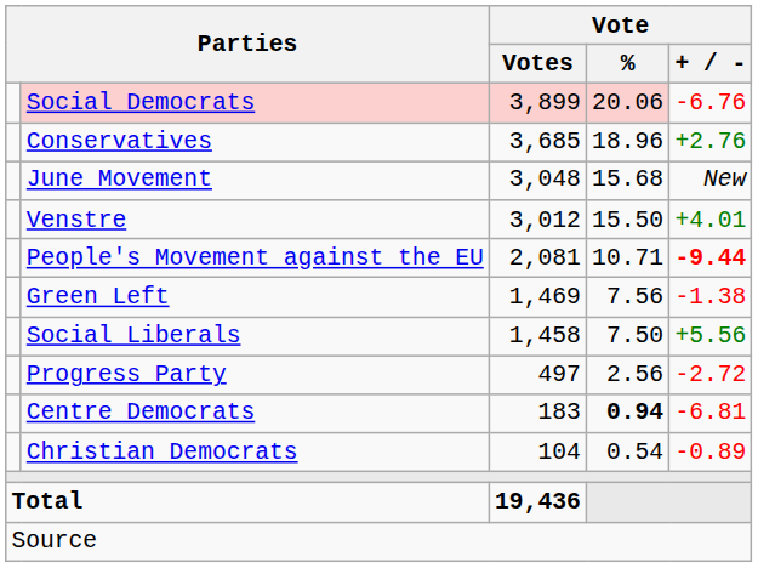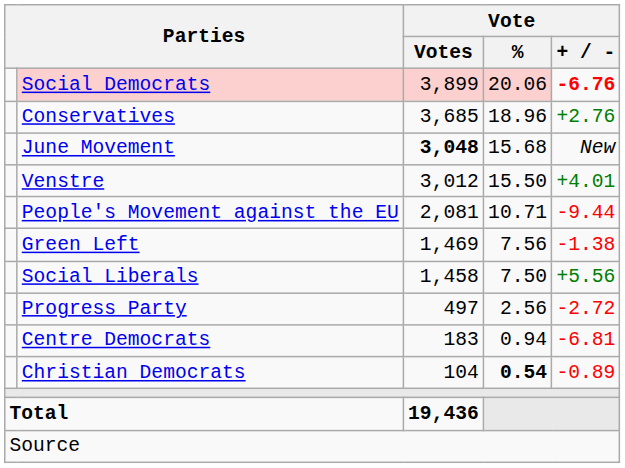 <table class="wikitable" style="text-align:right;">
 <tr>
 <th style="text-align:centre;" rowspan="2" colspan="2" width="225">Parties</th>
 <th colspan="3">Vote</th>
 </tr>
 <tr>
 <th width="15">Votes</th>
 <th width="15">%</th>
 <th width="15">+ / -</th>
 </tr>
 <tr>
 <td width="2" style="color:inherit;background:"></td>
 <td bgcolor=#fbd0ce   align="left"><a href='#'>Social Democrats</a></td>
 <td bgcolor=#fbd0ce>3,899</td>
 <td bgcolor=#fbd0ce>20.06</td>
-<td style=color:red;>-6.76</td>
+<td style=color:red;><strong>-6.76</strong></td>
 </tr>
 <tr>
 <td width="2" style="color:inherit;background:"></td>
 <td align="left"><a href='#'>Conservatives</a></td>
 <td>3,685</td>
 <td>18.96</td>
 <td style=color:green;>+2.76</td>
 </tr>
 <tr>
 <td width="2" style="color:inherit;background:"></td>
 <td align="left"><a href='#'>June Movement</a></td>
-<td>3,048</td>
+<td><strong>3,048</strong></td>
 <td>15.68</td>
 <td><em>New</em></td>
 </tr>
 <tr>
 <td width="2" style="color:inherit;background:"></td>
 <td align="left"><a href='#'>Venstre</a></td>
 <td>3,012</td>
 <td>15.50</td>
 <td style=color:green;>+4.01</td>
 </tr>
 <tr>
 <td width="2" style="color:inherit;background:"></td>
 <td align="left"><a href='#'>People's Movement against the EU</a></td>
 <td>2,081</td>
 <td>10.71</td>
-<td style=color:red;><strong>-9.44</strong></td>
+<td style=color:red;>-9.44</td>
 </tr>
 <tr>
 <td width="2" style="color:inherit;background:"></td>
 <td align="left"><a href='#'>Green Left</a></td>
 <td>1,469</td>
 <td>7.56</td>
 <td style=color:red;>-1.38</td>
 </tr>
 <tr>
 <td width="2" style="color:inherit;background:"></td>
 <td align="left"><a href='#'>Social Liberals</a></td>
 <td>1,458</td>
 <td>7.50</td>
 <td style=color:green;>+5.56</td>
 </tr>
 <tr>
 <td width="2" style="color:inherit;background:"></td>
 <td align="left"><a href='#'>Progress Party</a></td>
 <td>497</td>
 <td>2.56</td>
 <td style=color:red;>-2.72</td>
 </tr>
 <tr>
 <td width="2" style="color:inherit;background:"></td>
 <td align="left"><a href='#'>Centre Democrats</a></td>
 <td>183</td>
-<td><strong>0.94</strong></td>
+<td>0.94</td>
 <td style=color:red;>-6.81</td>
 </tr>
 <tr>
 <td width="2" style="color:inherit;background:"></td>
 <td align="left"><a href='#'>Christian Democrats</a></td>
 <td>104</td>
-<td>0.54</td>
+<td><strong>0.54</strong></td>
 <td style=color:red;>-0.89</td>
 </tr>
 <tr>
 <td colspan="7" bgcolor="#E9E9E9"></td>
 </tr>
 <tr>
 <td align="left" colspan="2"><strong>Total</strong></td>
 <td><strong>19,436</strong></td>
 <td bgcolor="#E9E9E9" colspan="2"></td>
 </tr>
 <tr>
 <td align="left" colspan="6">Source</td>
 </tr>
 </table>
